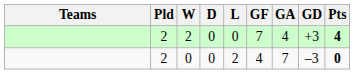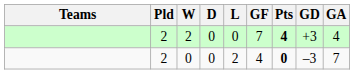 <table class="wikitable" style="text-align: center;">
 <tr>
 <th width=165>Teams</th>
 <th width=20>Pld</th>
 <th width=20>W</th>
 <th width=20>D</th>
 <th width=20>L</th>
 <th width=20>GF</th>
+<th width=20>Pts</th>
+<th width=20>GD</th>
 <th width=20>GA</th>
-<th width=20>GD</th>
-<th width=20>Pts</th>
 </tr>
 <tr align=center style="background:#ccffcc;">
 <td style="text-align:left;"></td>
 <td>2</td>
 <td>2</td>
 <td>0</td>
 <td>0</td>
 <td>7</td>
+<td><strong>4</strong></td>
+<td>+3</td>
 <td>4</td>
-<td>+3</td>
-<td><strong>4</strong></td>
 </tr>
 <tr align=center>
 <td style="text-align:left;"></td>
 <td>2</td>
 <td>0</td>
 <td>0</td>
 <td>2</td>
 <td>4</td>
+<td><strong>0</strong></td>
+<td>–3</td>
 <td>7</td>
-<td>–3</td>
-<td><strong>0</strong></td>
 </tr>
 </table>
